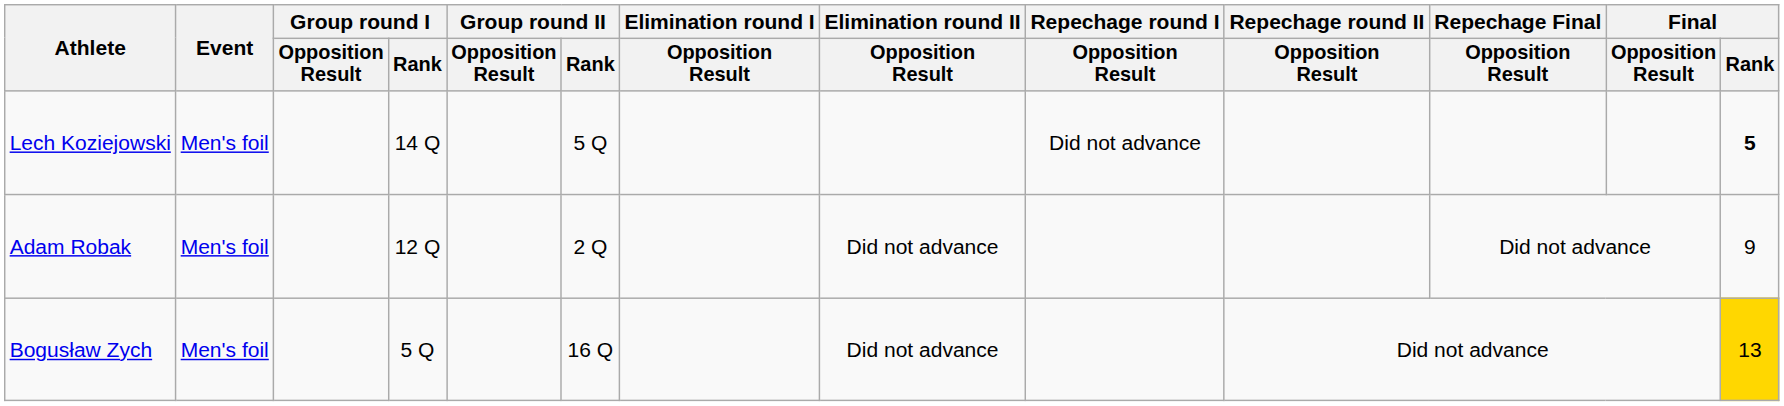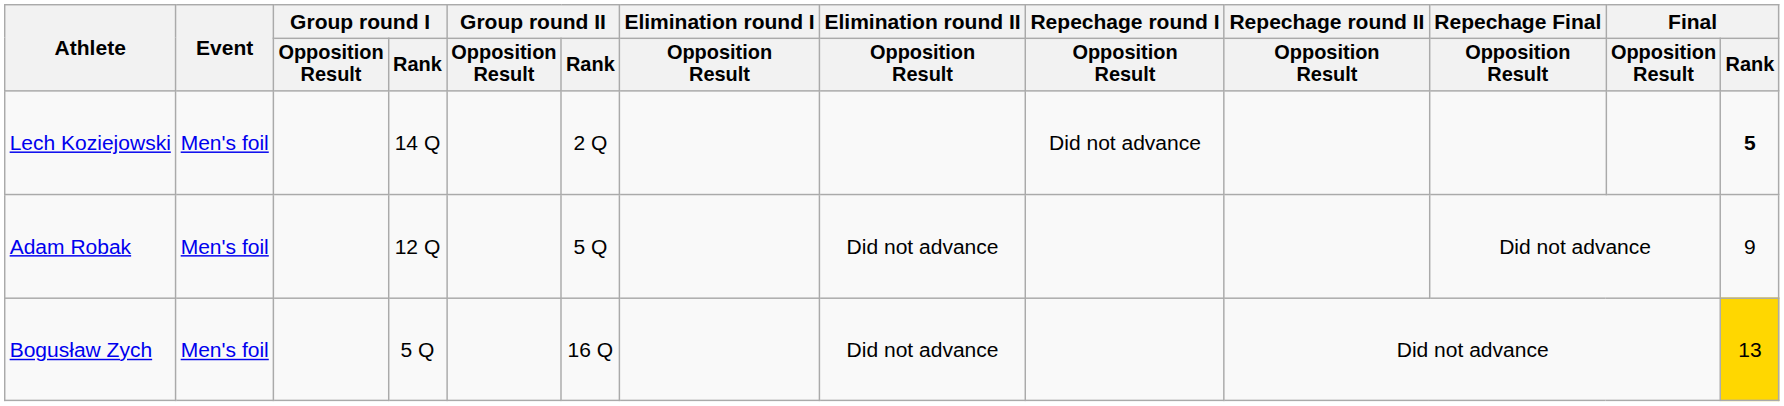 <table class="wikitable" style="font-size:90%;">
 <tr>
 <th rowspan="2">Athlete</th>
 <th rowspan="2">Event</th>
 <th colspan="2">Group round I</th>
 <th colspan="2">Group round II</th>
 <th colspan="1">Elimination round I</th>
 <th colspan="1">Elimination round II</th>
 <th colspan="1">Repechage round I</th>
 <th colspan="1">Repechage round II</th>
 <th colspan="1">Repechage Final</th>
 <th colspan=2>Final</th>
 </tr>
 <tr style="font-size:95%">
 <th>Opposition<br>Result</th>
 <th>Rank</th>
 <th>Opposition<br>Result</th>
 <th>Rank</th>
 <th>Opposition<br>Result</th>
 <th>Opposition<br>Result</th>
 <th>Opposition<br>Result</th>
 <th>Opposition<br>Result</th>
 <th>Opposition<br>Result</th>
 <th>Opposition<br>Result</th>
 <th>Rank</th>
 </tr>
 <tr align=center>
 <td align=left><a href='#'>Lech Koziejowski</a></td>
 <td align=left><a href='#'>Men's foil</a></td>
 <td align=left><br><br></td>
 <td>14 Q</td>
 <td align=left><br><br><br><br></td>
-<td>5 Q</td>
+<td>2 Q</td>
 <td align=left></td>
 <td align=left></td>
 <td colspan=1>Did not advance</td>
 <td align=left></td>
 <td align=left></td>
 <td align=left><br><br><br><br></td>
 <td><strong>5</strong></td>
 </tr>
 <tr align=center>
 <td align=left><a href='#'>Adam Robak</a></td>
 <td align=left><a href='#'>Men's foil</a></td>
 <td align=left><br><br><br></td>
 <td>12 Q</td>
 <td align=left><br><br><br><br></td>
-<td>2 Q</td>
+<td>5 Q</td>
 <td align=left></td>
 <td colspan=1>Did not advance</td>
 <td align=left></td>
 <td align=left></td>
 <td colspan=2>Did not advance</td>
 <td>9</td>
 </tr>
 <tr align=center>
 <td align=left><a href='#'>Bogusław Zych</a></td>
 <td align=left><a href='#'>Men's foil</a></td>
 <td align=left><br><br><br></td>
 <td>5 Q</td>
 <td align=left><br><br><br><br></td>
 <td>16 Q</td>
 <td align=left></td>
 <td colspan=1>Did not advance</td>
 <td align=left></td>
 <td colspan=3>Did not advance</td>
 <td style="background: gold;">13</td>
 </tr>
 </table>
